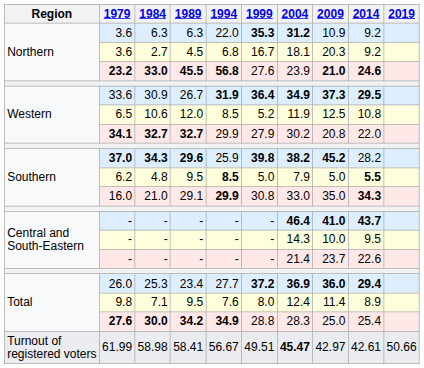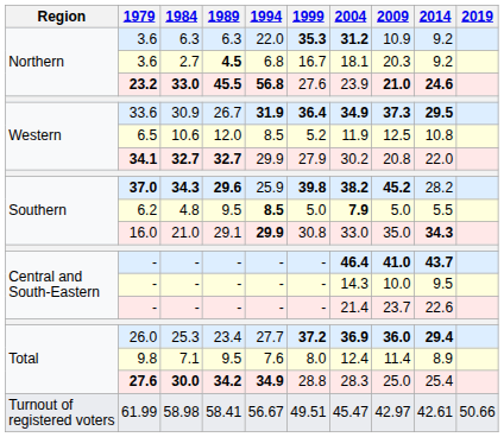 <table class="wikitable" style="text-align:right">
 <tr>
 <th>Region</th>
 <th><a href='#'>1979</a></th>
 <th><a href='#'>1984</a></th>
 <th><a href='#'>1989</a></th>
 <th><a href='#'>1994</a></th>
 <th><a href='#'>1999</a></th>
 <th><a href='#'>2004</a></th>
 <th><a href='#'>2009</a></th>
 <th><a href='#'>2014</a></th>
 <th><a href='#'>2019</a></th>
 </tr>
 <tr style="background:#def;">
 <td rowspan=3 align=left style="background:#f8f9fa;">Northern</td>
 <td>3.6</td>
 <td>6.3</td>
 <td>6.3</td>
 <td>22.0</td>
 <td><strong>35.3</strong></td>
 <td><strong>31.2</strong></td>
 <td>10.9 </td>
 <td>9.2 </td>
 <td></td>
 </tr>
 <tr style="background:#ffd;">
 <td>3.6</td>
 <td>2.7</td>
-<td>4.5</td>
+<td><strong>4.5</strong></td>
 <td>6.8</td>
 <td>16.7</td>
 <td>18.1</td>
 <td>20.3 </td>
 <td>9.2 </td>
 <td></td>
 </tr>
 <tr style="background:#ffe8e8;">
 <td><strong>23.2</strong></td>
 <td><strong>33.0</strong></td>
 <td><strong>45.5</strong></td>
 <td><strong>56.8</strong></td>
 <td>27.6</td>
 <td>23.9</td>
 <td><strong>21.0</strong> </td>
 <td><strong>24.6</strong> </td>
 <td></td>
 </tr>
 <tr>
 <th colspan="10"></th>
 </tr>
 <tr style="background:#def;">
 <td rowspan=3 align=left style="background:#f8f9fa;">Western</td>
 <td>33.6</td>
 <td>30.9</td>
 <td>26.7</td>
 <td><strong>31.9</strong></td>
 <td><strong>36.4</strong></td>
 <td><strong>34.9</strong></td>
 <td><strong>37.3</strong></td>
 <td><strong>29.5</strong></td>
 <td></td>
 </tr>
 <tr style="background:#ffd;">
 <td>6.5</td>
 <td>10.6</td>
 <td>12.0</td>
 <td>8.5</td>
 <td>5.2</td>
 <td>11.9</td>
 <td>12.5</td>
 <td>10.8</td>
 <td></td>
 </tr>
 <tr style="background:#ffe8e8;">
 <td><strong>34.1</strong></td>
 <td><strong>32.7</strong></td>
 <td><strong>32.7</strong></td>
 <td>29.9</td>
 <td>27.9</td>
 <td>30.2</td>
 <td>20.8</td>
 <td>22.0</td>
 <td></td>
 </tr>
 <tr>
 <th colspan="10"></th>
 </tr>
 <tr style="background:#def;">
 <td rowspan=3 align=left style="background:#f8f9fa;">Southern</td>
 <td><strong>37.0</strong></td>
 <td><strong>34.3</strong></td>
 <td><strong>29.6</strong></td>
 <td>25.9</td>
 <td><strong>39.8</strong></td>
 <td><strong>38.2</strong></td>
 <td><strong>45.2</strong></td>
 <td>28.2</td>
 <td></td>
 </tr>
 <tr style="background:#ffd;">
 <td>6.2</td>
 <td>4.8</td>
 <td>9.5</td>
 <td><strong>8.5</strong></td>
 <td>5.0</td>
-<td>7.9</td>
+<td><strong>7.9</strong></td>
 <td>5.0</td>
-<td><strong>5.5</strong></td>
+<td>5.5</td>
 <td></td>
 </tr>
 <tr style="background:#ffe8e8;">
 <td>16.0</td>
 <td>21.0</td>
 <td>29.1</td>
 <td><strong>29.9</strong></td>
 <td>30.8</td>
 <td>33.0</td>
 <td>35.0</td>
 <td><strong>34.3</strong></td>
 <td></td>
 </tr>
 <tr>
 <th colspan="10"></th>
 </tr>
 <tr style="background:#def;">
 <td rowspan=3 align=left style="background:#f8f9fa;">Central and <br>South-Eastern</td>
 <td>-</td>
 <td>-</td>
 <td>-</td>
 <td>-</td>
 <td>-</td>
 <td><strong>46.4</strong></td>
 <td><strong>41.0</strong></td>
 <td><strong>43.7</strong></td>
 <td></td>
 </tr>
 <tr style="background:#ffd;">
 <td>-</td>
 <td>-</td>
 <td>-</td>
 <td>-</td>
 <td>-</td>
 <td>14.3</td>
 <td>10.0</td>
 <td>9.5</td>
 <td></td>
 </tr>
 <tr style="background:#ffe8e8;">
 <td>-</td>
 <td>-</td>
 <td>-</td>
 <td>-</td>
 <td>-</td>
 <td>21.4</td>
 <td>23.7</td>
 <td>22.6</td>
 <td></td>
 </tr>
 <tr>
 <th colspan="10"></th>
 </tr>
 <tr style="background:#def;">
 <td rowspan=3 align=left style="background:#f8f9fa;">Total</td>
 <td>26.0</td>
 <td>25.3</td>
 <td>23.4</td>
 <td>27.7</td>
 <td><strong>37.2</strong></td>
 <td><strong>36.9</strong></td>
 <td><strong>36.0</strong></td>
 <td><strong>29.4</strong></td>
 <td></td>
 </tr>
 <tr style="background:#ffd;">
 <td>9.8</td>
 <td>7.1</td>
 <td>9.5</td>
 <td>7.6</td>
 <td>8.0</td>
 <td>12.4</td>
 <td>11.4</td>
 <td>8.9</td>
 <td></td>
 </tr>
 <tr style="background:#ffe8e8;">
 <td><strong>27.6</strong></td>
 <td><strong>30.0</strong></td>
 <td><strong>34.2</strong></td>
 <td><strong>34.9</strong></td>
 <td>28.8</td>
 <td>28.3</td>
 <td>25.0</td>
 <td>25.4</td>
 <td></td>
 </tr>
 <tr style="background:#eaecf0;">
 <td align=left>Turnout of <br>registered voters</td>
 <td>61.99</td>
 <td>58.98</td>
 <td>58.41</td>
 <td>56.67</td>
 <td>49.51</td>
-<td><strong>45.47</strong></td>
+<td>45.47</td>
 <td>42.97</td>
 <td>42.61</td>
 <td>50.66</td>
 </tr>
 </table>
